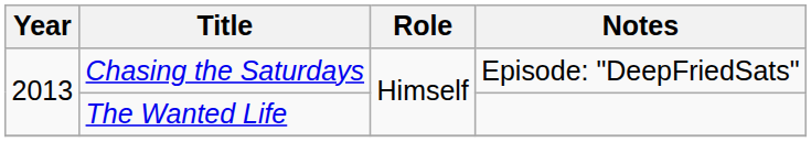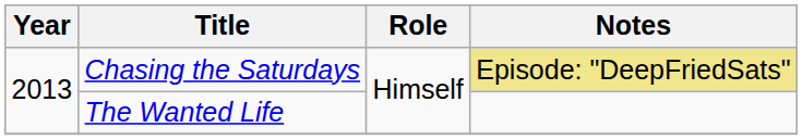 <table class="wikitable sortable">
 <tr>
 <th>Year</th>
 <th>Title</th>
 <th>Role</th>
 <th class="unsortable">Notes</th>
 </tr>
 <tr>
 <td rowspan=2>2013</td>
 <td><em><a href='#'>Chasing the Saturdays</a></em></td>
 <td rowspan=2>Himself</td>
-<td>Episode: "DeepFriedSats"</td>
+<td style="background: khaki;">Episode: "DeepFriedSats"</td>
 </tr>
 <tr>
 <td><em><a href='#'>The Wanted Life</a></em></td>
 <td></td>
 </tr>
 <tr>
 </tr>
 </table>
